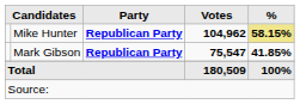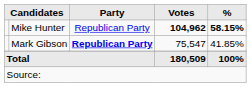 <table class=wikitable style="font-size:95%; text-align:right;">
 <tr>
 <th style="background:#e9e9e9; text-align:center;" colspan="2">Candidates</th>
 <th style="background:#e9e9e9; text-align:center;">Party</th>
 <th style="background:#e9e9e9; text-align:center;">Votes</th>
 <th style="background:#e9e9e9; text-align:center;">%</th>
 </tr>
 <tr>
 <td></td>
 <td align=left>Mike Hunter</td>
-<td align=center><strong><a href='#'>Republican Party</a></strong></td>
+<td align=center><a href='#'>Republican Party</a></td>
 <td><strong>104,962</strong></td>
-<td style="background: khaki;"><strong>58.15%</strong></td>
+<td><strong>58.15%</strong></td>
 </tr>
 <tr>
 <td></td>
 <td align=left>Mark Gibson</td>
 <td align=center><strong><a href='#'>Republican Party</a></strong></td>
-<td><strong>75,547</strong></td>
-<td><strong>41.85%</strong></td>
+<td>75,547</td>
+<td>41.85%</td>
 </tr>
 <tr>
 </tr>
 <tr style="background:#e9e9e9;">
 <td colspan="3" style="text-align:left; "><strong>Total</strong></td>
 <td style="text-align:right; width:75px; "><strong>180,509</strong></td>
 <td style="text-align:right; width:30px; "><strong>100%</strong></td>
 </tr>
 <tr>
 <td style="text-align:left;" colspan="6">Source: </td>
 </tr>
 </table>
